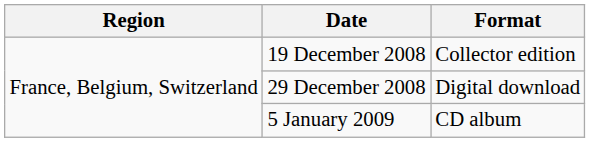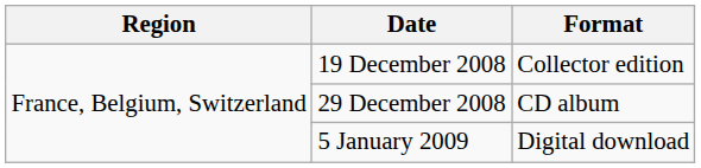 <table class="wikitable" border="1">
 <tr>
 <th>Region</th>
 <th>Date</th>
 <th>Format</th>
 </tr>
 <tr>
 <td rowspan=3>France, Belgium, Switzerland</td>
 <td>19 December 2008</td>
 <td>Collector edition</td>
 </tr>
 <tr>
 <td>29 December 2008</td>
-<td>Digital download</td>
+<td>CD album</td>
 </tr>
 <tr>
 <td>5 January 2009</td>
-<td>CD album</td>
+<td>Digital download</td>
 </tr>
 </table>
